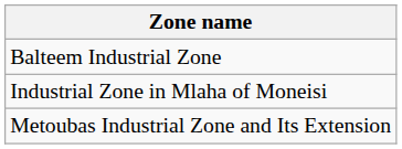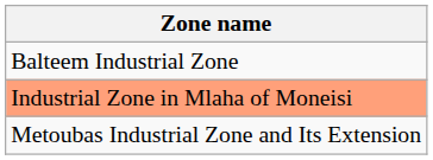 <table class="wikitable">
 <tr>
 <th>Zone name</th>
 </tr>
 <tr>
 <td rowspan="1">Balteem Industrial Zone</td>
 </tr>
 <tr>
-<td rowspan="1">Industrial Zone in Mlaha of Moneisi</td>
+<td rowspan="1" style="background: lightsalmon;">Industrial Zone in Mlaha of Moneisi</td>
 </tr>
 <tr>
 <td rowspan="1">Metoubas Industrial Zone and Its Extension</td>
 </tr>
 </table>
